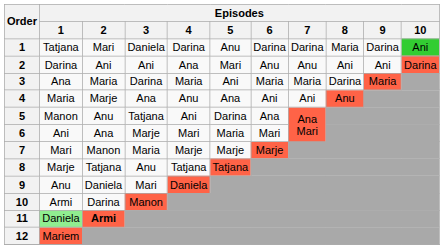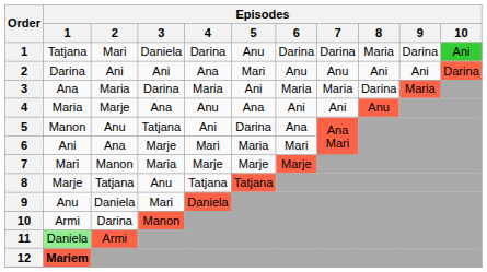 <table class="wikitable" style="text-align:center; font-size:92%">
 <tr>
 <th rowspan=2>Order</th>
 <th colspan=10>Episodes</th>
 </tr>
 <tr>
 <th>1</th>
 <th>2</th>
 <th>3</th>
 <th>4</th>
 <th>5</th>
 <th>6</th>
 <th>7</th>
 <th>8</th>
 <th>9</th>
 <th>10</th>
 </tr>
 <tr>
 <th>1</th>
 <td>Tatjana</td>
 <td>Mari</td>
 <td>Daniela</td>
 <td>Darina</td>
 <td>Anu</td>
 <td>Darina</td>
 <td>Darina</td>
 <td>Maria</td>
 <td>Darina</td>
 <td bgcolor="limegreen">Ani</td>
 </tr>
 <tr>
 <th>2</th>
 <td>Darina</td>
 <td>Ani</td>
 <td>Ani</td>
 <td>Ana</td>
 <td>Mari</td>
 <td>Anu</td>
 <td>Anu</td>
 <td>Ani</td>
 <td>Ani</td>
 <td bgcolor="tomato">Darina</td>
 </tr>
 <tr>
 <th>3</th>
 <td>Ana</td>
 <td>Maria</td>
 <td>Darina</td>
 <td>Maria</td>
 <td>Ani</td>
 <td>Maria</td>
 <td>Maria</td>
 <td>Darina</td>
 <td bgcolor="tomato">Maria</td>
 <td bgcolor="darkgray"></td>
 </tr>
 <tr>
 <th>4</th>
 <td>Maria</td>
 <td>Marje</td>
 <td>Ana</td>
 <td>Anu</td>
 <td>Ana</td>
 <td>Ani</td>
 <td>Ani</td>
 <td bgcolor="tomato">Anu</td>
 <td bgcolor="darkgray" colspan=3></td>
 </tr>
 <tr>
 <th>5</th>
 <td>Manon</td>
 <td>Anu</td>
 <td>Tatjana</td>
 <td>Ani</td>
 <td>Darina</td>
 <td>Ana</td>
 <td rowspan="2" bgcolor="tomato">Ana<br>Mari</td>
 <td bgcolor="darkgray" colspan=4></td>
 </tr>
 <tr>
 <th>6</th>
 <td>Ani</td>
 <td>Ana</td>
 <td>Marje</td>
 <td>Mari</td>
 <td>Maria</td>
 <td>Mari</td>
 <td bgcolor="darkgray" colspan=4></td>
 </tr>
 <tr>
 <th>7</th>
 <td>Mari</td>
 <td>Manon</td>
 <td>Maria</td>
 <td>Marje</td>
 <td>Marje</td>
 <td bgcolor="tomato">Marje</td>
 <td bgcolor="darkgray" colspan=5></td>
 </tr>
 <tr>
 <th>8</th>
 <td>Marje</td>
 <td>Tatjana</td>
 <td>Anu</td>
 <td>Tatjana</td>
 <td bgcolor="tomato">Tatjana</td>
 <td bgcolor="darkgray" colspan=6></td>
 </tr>
 <tr>
 <th>9</th>
 <td>Anu</td>
 <td>Daniela</td>
 <td>Mari</td>
 <td bgcolor="tomato">Daniela</td>
 <td bgcolor="darkgray" colspan=7></td>
 </tr>
 <tr>
 <th>10</th>
 <td>Armi</td>
 <td>Darina</td>
 <td bgcolor="tomato">Manon</td>
 <td bgcolor="darkgray" colspan=8></td>
 </tr>
 <tr>
 <th>11</th>
 <td style="background: lightgreen;">Daniela</td>
-<td bgcolor="tomato"><strong>Armi</strong></td>
+<td bgcolor="tomato">Armi</td>
 <td bgcolor="darkgray" colspan=9></td>
 </tr>
 <tr>
 <th>12</th>
-<td bgcolor="tomato">Mariem</td>
+<td bgcolor="tomato"><strong>Mariem</strong></td>
 <td colspan="10" bgcolor="darkgray"></td>
 </tr>
 <tr>
 </tr>
 </table>
